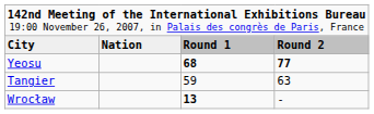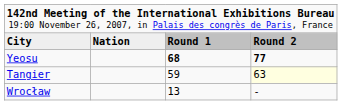 <table class="wikitable" style="width:auto">
 <tr>
 <td colspan="6" style="text-align:center;"><strong>142nd Meeting of the International Exhibitions Bureau</strong><br><small>19:00 November 26, 2007, in <a href='#'>Palais des congrès de Paris</a>, France</small></td>
 </tr>
 <tr style="background:#efefef;">
 <td><strong>City</strong></td>
 <td><strong>Nation</strong></td>
 <td style="background:silver;"><strong>Round 1</strong></td>
 <td style="background:silver;"><strong>Round 2</strong></td>
 </tr>
 <tr>
 <td><a href='#'>Yeosu</a></td>
 <td></td>
 <td><strong>68</strong></td>
 <td><strong>77</strong></td>
 </tr>
 <tr>
 <td><a href='#'>Tangier</a></td>
 <td></td>
 <td>59</td>
-<td>63</td>
+<td style="background: lightyellow;">63</td>
 </tr>
 <tr>
 <td><a href='#'>Wrocław</a></td>
 <td></td>
-<td><strong>13</strong></td>
+<td>13</td>
 <td>-</td>
 </tr>
 </table>
